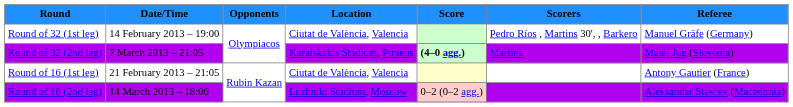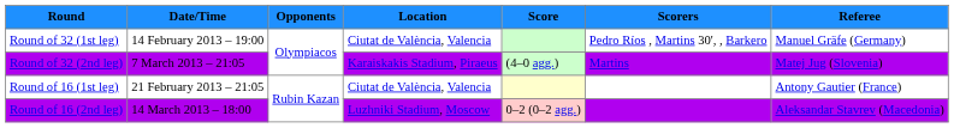 <table cellpadding="4" cellspacing="0" border="1" style="text-align: left; font-size: 85%; border: gray solid 1px; border-collapse: collapse;">
 <tr align="center" bgcolor="#1E90FF">
 <th>Round</th>
 <th>Date/Time</th>
 <th>Opponents</th>
 <th>Location</th>
 <th>Score</th>
 <th>Scorers</th>
 <th>Referee</th>
 </tr>
 <tr bgcolor=>
 <td><a href='#'>Round of 32 (1st leg)</a></td>
 <td>14 February 2013 – 19:00</td>
 <td style="text-align: center;" rowspan="2"> <a href='#'>Olympiacos</a></td>
 <td><a href='#'>Ciutat de València</a>, <a href='#'>Valencia</a></td>
 <td bgcolor="#CCFFCC"></td>
 <td><a href='#'>Pedro Ríos</a> , <a href='#'>Martins</a>  30', , <a href='#'>Barkero</a> </td>
 <td><a href='#'>Manuel Gräfe</a> (<a href='#'>Germany</a>)</td>
 </tr>
 <tr bgcolor= bgcolor="#EFEFEF">
 <td><a href='#'>Round of 32 (2nd leg)</a></td>
 <td>7 March 2013 – 21:05</td>
 <td><a href='#'>Karaiskakis Stadium</a>, <a href='#'>Piraeus</a></td>
-<td bgcolor="#CCFFCC"><strong> (4–0 <a href='#'>agg.</a>)</strong></td>
+<td bgcolor="#CCFFCC"> (4–0 <a href='#'>agg.</a>)</td>
 <td><a href='#'>Martins</a> </td>
 <td><a href='#'>Matej Jug</a> (<a href='#'>Slovenia</a>)</td>
 </tr>
 <tr bgcolor=>
 <td><a href='#'>Round of 16 (1st leg)</a></td>
 <td>21 February 2013 – 21:05</td>
 <td style="text-align: center;" rowspan="2"> <a href='#'>Rubin Kazan</a></td>
 <td><a href='#'>Ciutat de València</a>, <a href='#'>Valencia</a></td>
 <td bgcolor="#FFFFCC"></td>
 <td></td>
 <td><a href='#'>Antony Gautier</a> (<a href='#'>France</a>)</td>
 </tr>
 <tr bgcolor= bgcolor="#EFEFEF">
 <td><a href='#'>Round of 16 (2nd leg)</a></td>
 <td>14 March 2013 – 18:00</td>
 <td><a href='#'>Luzhniki Stadium</a>, <a href='#'>Moscow</a></td>
 <td bgcolor="#FFCCCC">0–2 (0–2 <a href='#'>agg.</a>)</td>
 <td></td>
 <td><a href='#'>Aleksandar Stavrev</a> (<a href='#'>Macedonia</a>)</td>
 </tr>
 </table>
